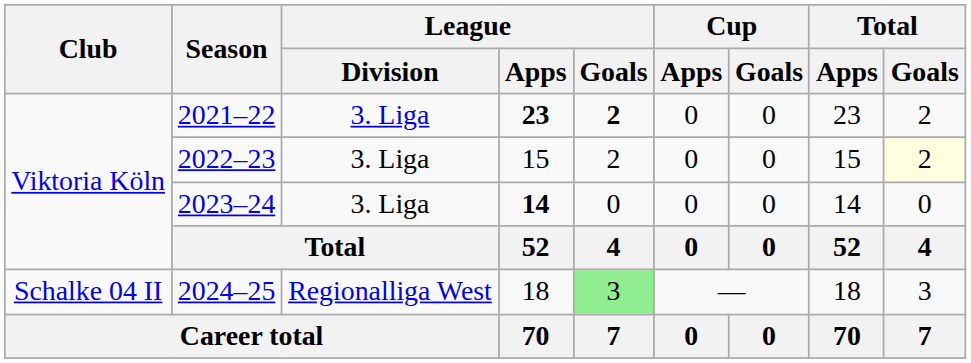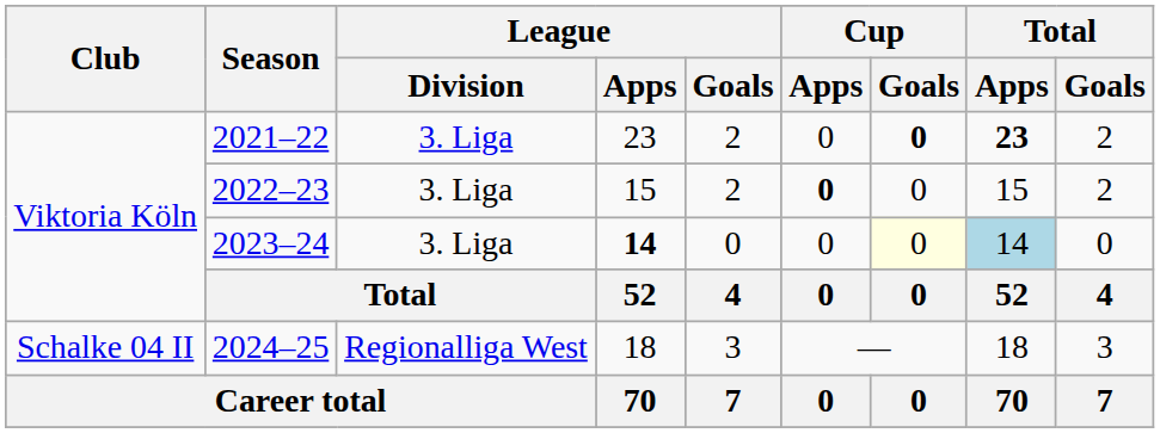 <table class="wikitable nowrap" style="text-align:center">
 <tr>
 <th rowspan="2">Club</th>
 <th rowspan="2">Season</th>
 <th colspan="3">League</th>
 <th colspan="2">Cup</th>
 <th colspan="2">Total</th>
 </tr>
 <tr>
 <th>Division</th>
 <th>Apps</th>
 <th>Goals</th>
 <th>Apps</th>
 <th>Goals</th>
 <th>Apps</th>
 <th>Goals</th>
 </tr>
 <tr>
 <td rowspan="4"><a href='#'>Viktoria Köln</a></td>
 <td><a href='#'>2021–22</a></td>
 <td><a href='#'>3. Liga</a></td>
+<td>23</td>
+<td>2</td>
+<td>0</td>
+<td><strong>0</strong></td>
 <td><strong>23</strong></td>
-<td><strong>2</strong></td>
-<td>0</td>
-<td>0</td>
-<td>23</td>
 <td>2</td>
 </tr>
 <tr>
 <td><a href='#'>2022–23</a></td>
 <td>3. Liga</td>
 <td>15</td>
 <td>2</td>
-<td>0</td>
+<td><strong>0</strong></td>
 <td>0</td>
 <td>15</td>
-<td style="background: lightyellow;">2</td>
+<td>2</td>
 </tr>
 <tr>
 <td><a href='#'>2023–24</a></td>
 <td>3. Liga</td>
 <td><strong>14</strong></td>
 <td>0</td>
 <td>0</td>
-<td>0</td>
-<td>14</td>
+<td style="background: lightyellow;">0</td>
+<td style="background: lightblue;">14</td>
 <td>0</td>
 </tr>
 <tr>
 <th colspan="2">Total</th>
 <th>52</th>
 <th>4</th>
 <th>0</th>
 <th>0</th>
 <th>52</th>
 <th>4</th>
 </tr>
 <tr>
 <td><a href='#'>Schalke 04 II</a></td>
 <td><a href='#'>2024–25</a></td>
 <td><a href='#'>Regionalliga West</a></td>
 <td>18</td>
-<td style="background: lightgreen;">3</td>
+<td>3</td>
 <td colspan="2">—</td>
 <td>18</td>
 <td>3</td>
 </tr>
 <tr>
 <th colspan="3">Career total</th>
 <th>70</th>
 <th>7</th>
 <th>0</th>
 <th>0</th>
 <th>70</th>
 <th>7</th>
 </tr>
 </table>
